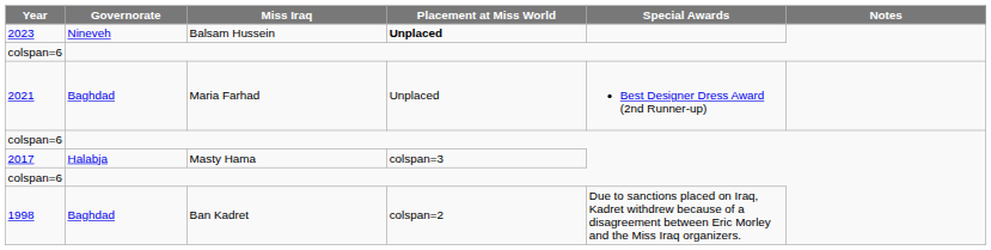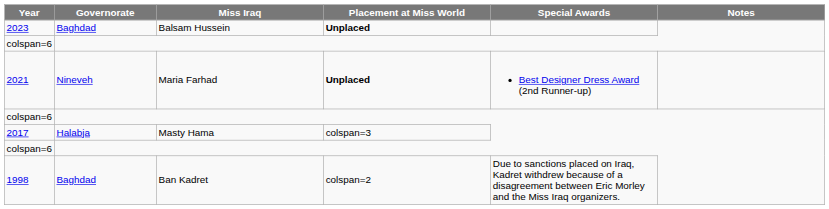 <table class="wikitable " style="font-size: 95%;">
 <tr>
 <th width="60" style="background-color:#787878;color:#FFFFFF;">Year</th>
 <th width="150" style="background-color:#787878;color:#FFFFFF;">Governorate</th>
 <th width="250" style="background-color:#787878;color:#FFFFFF;">Miss Iraq</th>
 <th width="250" style="background-color:#787878;color:#FFFFFF;">Placement at Miss World</th>
 <th width="250" style="background-color:#787878;color:#FFFFFF;">Special Awards</th>
 <th width="250" style="background-color:#787878;color:#FFFFFF;">Notes</th>
 </tr>
 <tr>
 <td><a href='#'>2023</a></td>
-<td><a href='#'>Nineveh</a></td>
+<td><a href='#'>Baghdad</a></td>
 <td>Balsam Hussein</td>
 <td><strong>Unplaced</strong></td>
 <td></td>
 </tr>
 <tr>
 <td>colspan=6 </td>
 </tr>
 <tr>
 <td><a href='#'>2021</a></td>
-<td><a href='#'>Baghdad</a></td>
+<td><a href='#'>Nineveh</a></td>
 <td>Maria Farhad</td>
-<td>Unplaced</td>
+<td><strong>Unplaced</strong></td>
 <td><br><ul><li><a href='#'>Best Designer Dress Award</a> (2nd Runner-up)</li></ul></td>
 <td></td>
 </tr>
 <tr>
 <td>colspan=6 </td>
 </tr>
 <tr>
 <td><a href='#'>2017</a></td>
 <td><a href='#'>Halabja</a></td>
 <td>Masty Hama</td>
 <td>colspan=3 </td>
 </tr>
 <tr>
 <td>colspan=6 </td>
 </tr>
 <tr>
 <td><a href='#'>1998</a></td>
 <td><a href='#'>Baghdad</a></td>
 <td>Ban Kadret</td>
 <td>colspan=2 </td>
 <td>Due to sanctions placed on Iraq, Kadret withdrew because of a disagreement between Eric Morley and the Miss Iraq organizers.</td>
 </tr>
 </table>
